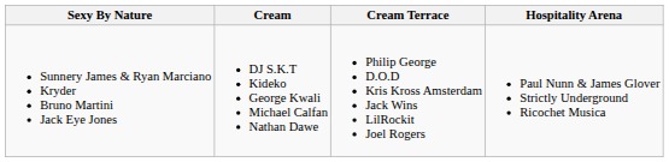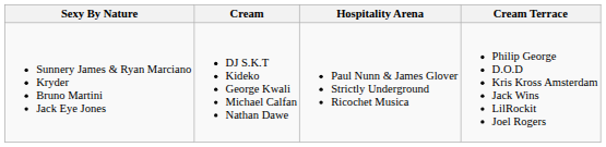 <table class="wikitable">
 <tr>
 <th>Sexy By Nature</th>
 <th>Cream</th>
+<th>Hospitality Arena</th>
 <th>Cream Terrace</th>
-<th>Hospitality Arena</th>
 </tr>
 <tr>
 <td><br><ul><li>Sunnery James & Ryan Marciano</li><li>Kryder</li><li>Bruno Martini</li><li>Jack Eye Jones</li></ul></td>
 <td><br><ul><li>DJ S.K.T</li><li>Kideko</li><li>George Kwali</li><li>Michael Calfan</li><li>Nathan Dawe</li></ul></td>
+<td><br><ul><li>Paul Nunn & James Glover</li><li>Strictly Underground</li><li>Ricochet Musica</li></ul></td>
 <td><br><ul><li>Philip George</li><li>D.O.D</li><li>Kris Kross Amsterdam</li><li>Jack Wins</li><li>LilRockit</li><li>Joel Rogers</li></ul></td>
-<td><br><ul><li>Paul Nunn & James Glover</li><li>Strictly Underground</li><li>Ricochet Musica</li></ul></td>
 </tr>
 </table>
